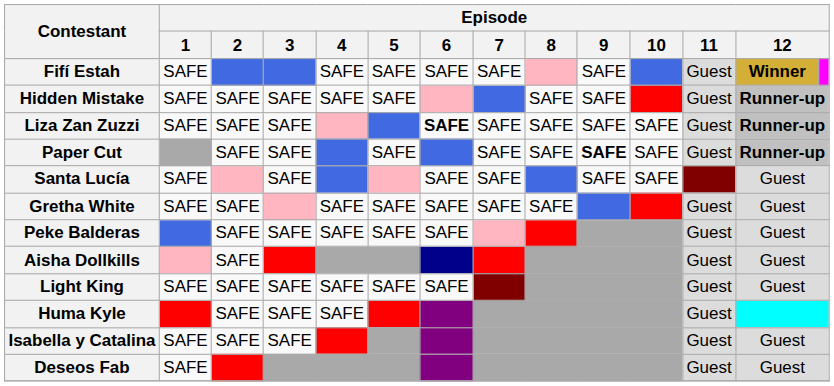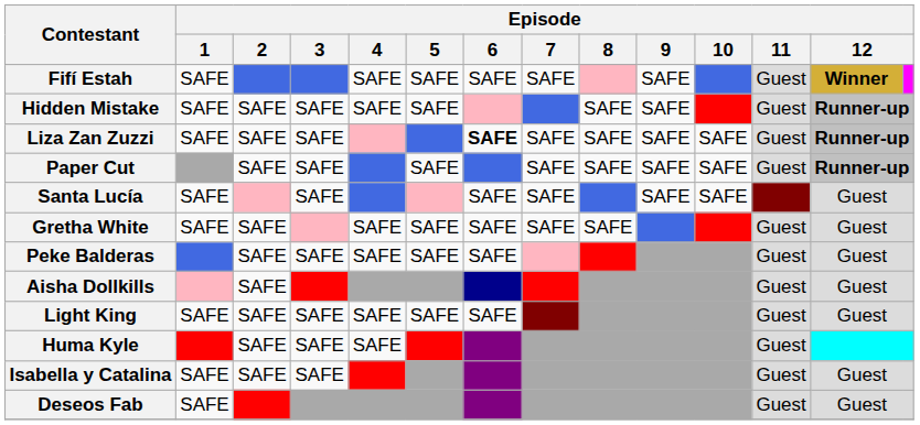 <table class="wikitable" style="text-align:center">
 <tr>
 <th scope="col" rowspan="2">Contestant</th>
 <th scope="col" colspan="16">Episode</th>
 </tr>
 <tr>
 <th scope="col">1</th>
 <th scope="col">2</th>
 <th scope="col">3</th>
 <th scope="col">4</th>
 <th scope="col">5</th>
 <th scope="col">6</th>
 <th scope="col">7</th>
 <th scope="col">8</th>
 <th scope="col">9</th>
 <th scope="col">10</th>
 <th scope="col">11</th>
 <th scope="col" colspan="2">12</th>
 </tr>
 <tr>
 <th scope="row">Fifí Estah</th>
 <td>SAFE</td>
 <td bgcolor="royalblue"></td>
 <td bgcolor="royalblue"></td>
 <td>SAFE</td>
 <td>SAFE</td>
 <td>SAFE</td>
 <td>SAFE</td>
 <td bgcolor="lightpink"></td>
 <td>SAFE</td>
 <td bgcolor="royalblue"></td>
 <td bgcolor="gainsboro">Guest</td>
 <td bgcolor="#D4AF37"><strong>Winner</strong></td>
 <td bgcolor="fuchsia"></td>
 </tr>
 <tr>
 <th scope="row">Hidden Mistake</th>
 <td>SAFE</td>
 <td>SAFE</td>
 <td>SAFE</td>
 <td>SAFE</td>
 <td>SAFE</td>
 <td bgcolor="lightpink"></td>
 <td bgcolor="royalblue"></td>
 <td>SAFE</td>
 <td>SAFE</td>
 <td bgcolor="red"></td>
 <td bgcolor="gainsboro">Guest</td>
 <td bgcolor="silver" colspan="2"><strong>Runner-up</strong></td>
 </tr>
 <tr>
 <th scope="row">Liza Zan Zuzzi</th>
 <td>SAFE</td>
 <td>SAFE</td>
 <td>SAFE</td>
 <td bgcolor="lightpink"></td>
 <td bgcolor="royalblue"></td>
 <td><strong>SAFE</strong></td>
 <td>SAFE</td>
 <td>SAFE</td>
 <td>SAFE</td>
 <td>SAFE</td>
 <td bgcolor="gainsboro">Guest</td>
 <td bgcolor="silver" colspan="2"><strong>Runner-up</strong></td>
 </tr>
 <tr>
 <th scope="row">Paper Cut</th>
 <td bgcolor="darkgray"></td>
 <td>SAFE</td>
 <td>SAFE</td>
 <td bgcolor="royalblue"></td>
 <td>SAFE</td>
 <td bgcolor="royalblue"></td>
 <td>SAFE</td>
 <td>SAFE</td>
-<td><strong>SAFE</strong></td>
+<td>SAFE</td>
 <td>SAFE</td>
 <td bgcolor="gainsboro">Guest</td>
 <td bgcolor="silver" colspan="2"><strong>Runner-up</strong></td>
 </tr>
 <tr>
 <th scope="row">Santa Lucía</th>
 <td>SAFE</td>
 <td bgcolor="lightpink"></td>
 <td>SAFE</td>
 <td bgcolor="royalblue"></td>
 <td bgcolor="lightpink"></td>
 <td>SAFE</td>
 <td>SAFE</td>
 <td bgcolor="royalblue"></td>
 <td>SAFE</td>
 <td>SAFE</td>
 <td bgcolor="maroon"></td>
 <td bgcolor="gainsboro" colspan="2">Guest</td>
 </tr>
 <tr>
 <th scope="row">Gretha White</th>
 <td>SAFE</td>
 <td>SAFE</td>
 <td bgcolor="lightpink"></td>
 <td>SAFE</td>
 <td>SAFE</td>
 <td>SAFE</td>
 <td>SAFE</td>
 <td>SAFE</td>
 <td bgcolor="royalblue"></td>
 <td bgcolor="red"></td>
 <td bgcolor="gainsboro">Guest</td>
 <td bgcolor="gainsboro" colspan="2">Guest</td>
 </tr>
 <tr>
 <th scope="row">Peke Balderas</th>
 <td bgcolor="royalblue"></td>
 <td>SAFE</td>
 <td>SAFE</td>
 <td>SAFE</td>
 <td>SAFE</td>
 <td>SAFE</td>
 <td bgcolor="lightpink"></td>
 <td bgcolor="red"></td>
 <td bgcolor="darkgray" colspan="2"></td>
 <td bgcolor="gainsboro">Guest</td>
 <td bgcolor="gainsboro" colspan="2">Guest</td>
 </tr>
 <tr>
 <th scope="row">Aisha Dollkills</th>
 <td bgcolor="lightpink"></td>
 <td>SAFE</td>
 <td bgcolor="red"></td>
 <td colspan="2" bgcolor="darkgray"></td>
 <td bgcolor="darkblue"></td>
 <td bgcolor="red"></td>
 <td bgcolor="darkgray" colspan="3"></td>
 <td bgcolor="gainsboro">Guest</td>
 <td bgcolor="gainsboro" colspan="2">Guest</td>
 </tr>
 <tr>
 <th scope="row">Light King</th>
 <td>SAFE</td>
 <td>SAFE</td>
 <td>SAFE</td>
 <td>SAFE</td>
 <td>SAFE</td>
 <td>SAFE</td>
 <td bgcolor="maroon"></td>
 <td bgcolor="darkgray" colspan="3"></td>
 <td bgcolor="gainsboro">Guest</td>
 <td bgcolor="gainsboro" colspan="2">Guest</td>
 </tr>
 <tr>
 <th scope="row">Huma Kyle</th>
 <td bgcolor="red"></td>
 <td>SAFE</td>
 <td>SAFE</td>
 <td>SAFE</td>
 <td bgcolor="red"></td>
 <td bgcolor="purple"></td>
 <td bgcolor="darkgray" colspan="4"></td>
 <td bgcolor="gainsboro">Guest</td>
 <td bgcolor="aqua" colspan="2"></td>
 </tr>
 <tr>
 <th scope="row" nowrap>Isabella y Catalina</th>
 <td>SAFE</td>
 <td>SAFE</td>
 <td>SAFE</td>
 <td bgcolor="red"></td>
 <td bgcolor="darkgray"></td>
 <td bgcolor="purple"></td>
 <td bgcolor="darkgray" colspan="4"></td>
 <td bgcolor="gainsboro">Guest</td>
 <td bgcolor="gainsboro" colspan="2">Guest</td>
 </tr>
 <tr>
 <th scope="row">Deseos Fab</th>
 <td>SAFE</td>
 <td bgcolor="red"></td>
 <td colspan="3" bgcolor="darkgray"></td>
 <td bgcolor="purple"></td>
 <td bgcolor="darkgray" colspan="4"></td>
 <td bgcolor="gainsboro">Guest</td>
 <td bgcolor="gainsboro" colspan="2">Guest</td>
 </tr>
 <tr>
 </tr>
 </table>
